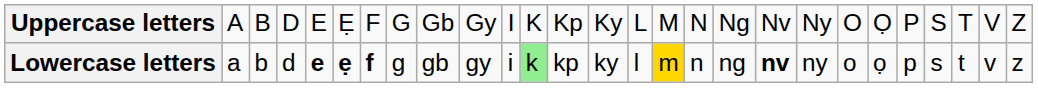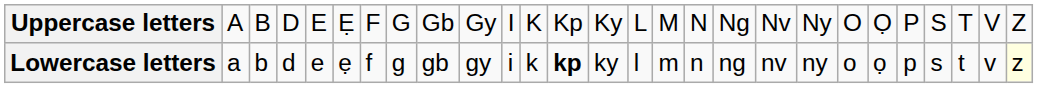 <table class="wikitable">
 <tr>
 <th>Uppercase letters</th>
 <td>A</td>
 <td>B</td>
 <td>D</td>
 <td>E</td>
 <td>Ẹ</td>
 <td>F</td>
 <td>G</td>
 <td>Gb</td>
 <td>Gy</td>
 <td>I</td>
 <td>K</td>
 <td>Kp</td>
 <td>Ky</td>
 <td>L</td>
 <td>M</td>
 <td>N</td>
 <td>Ng</td>
 <td>Nv</td>
 <td>Ny</td>
 <td>O</td>
 <td>Ọ</td>
 <td>P</td>
 <td>S</td>
 <td>T</td>
 <td>V</td>
 <td>Z</td>
 </tr>
 <tr>
 <th>Lowercase letters</th>
 <td>a</td>
 <td>b</td>
 <td>d</td>
-<td><strong>e</strong></td>
-<td><strong>ẹ</strong></td>
-<td><strong>f</strong></td>
+<td>e</td>
+<td>ẹ</td>
+<td>f</td>
 <td>g</td>
 <td>gb</td>
 <td>gy</td>
 <td>i</td>
-<td style="background: lightgreen;">k</td>
-<td>kp</td>
+<td>k</td>
+<td><strong>kp</strong></td>
 <td>ky</td>
 <td>l</td>
-<td style="background: gold;">m</td>
+<td>m</td>
 <td>n</td>
 <td>ng</td>
-<td><strong>nv</strong></td>
+<td>nv</td>
 <td>ny</td>
 <td>o</td>
 <td>ọ</td>
 <td>p</td>
 <td>s</td>
 <td>t</td>
 <td>v</td>
-<td>z</td>
+<td style="background: lightyellow;">z</td>
 </tr>
 </table>
